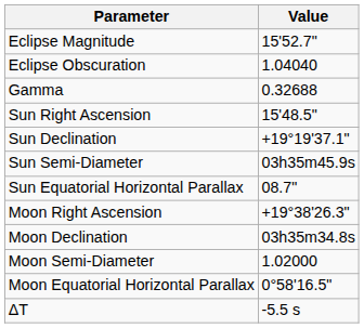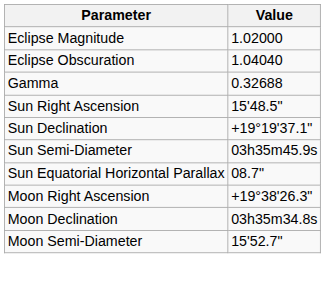 <table class="wikitable">
 <tr>
 <th>Parameter</th>
 <th>Value</th>
 </tr>
 <tr>
 <td>Eclipse Magnitude</td>
-<td>15'52.7"</td>
+<td>1.02000</td>
 </tr>
 <tr>
 <td>Eclipse Obscuration</td>
 <td>1.04040</td>
 </tr>
 <tr>
 <td>Gamma</td>
 <td>0.32688</td>
 </tr>
 <tr>
 <td>Sun Right Ascension</td>
 <td>15'48.5"</td>
 </tr>
 <tr>
 <td>Sun Declination</td>
 <td>+19°19'37.1"</td>
 </tr>
 <tr>
 <td>Sun Semi-Diameter</td>
 <td>03h35m45.9s</td>
 </tr>
 <tr>
 <td>Sun Equatorial Horizontal Parallax</td>
 <td>08.7"</td>
 </tr>
 <tr>
 <td>Moon Right Ascension</td>
 <td>+19°38'26.3"</td>
 </tr>
 <tr>
 <td>Moon Declination</td>
 <td>03h35m34.8s</td>
 </tr>
 <tr>
 <td>Moon Semi-Diameter</td>
-<td>1.02000</td>
-</tr>
-<tr>
-<td>Moon Equatorial Horizontal Parallax</td>
-<td>0°58'16.5"</td>
-</tr>
-<tr>
-<td>ΔT</td>
-<td>-5.5 s</td>
+<td>15'52.7"</td>
 </tr>
 </table>
